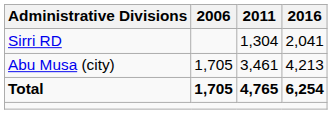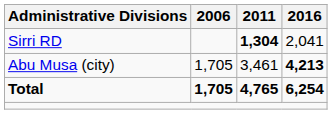 <table class="wikitable">
 <tr>
 <th>Administrative Divisions</th>
 <th>2006</th>
 <th>2011</th>
 <th>2016</th>
 </tr>
 <tr>
 <td><a href='#'>Sirri RD</a></td>
 <td style="text-align: right;"></td>
-<td style="text-align: right;">1,304</td>
+<td style="text-align: right;"><strong>1,304</strong></td>
 <td style="text-align: right;">2,041</td>
 </tr>
 <tr>
 <td><a href='#'>Abu Musa</a> (city)</td>
 <td style="text-align: right;">1,705</td>
 <td style="text-align: right;">3,461</td>
-<td style="text-align: right;">4,213</td>
+<td style="text-align: right;"><strong>4,213</strong></td>
 </tr>
 <tr>
 <td><strong>Total</strong></td>
 <td style="text-align: right;"><strong>1,705</strong></td>
 <td style="text-align: right;"><strong>4,765</strong></td>
 <td style="text-align: right;"><strong>6,254</strong></td>
 </tr>
 <tr>
 <td colspan=4></td>
 </tr>
 </table>
